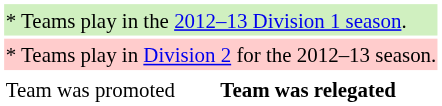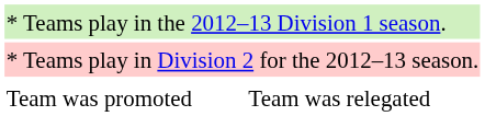 <table>
 <tr style="background: #D0F0C0;">
 <td colspan=2><small> * Teams play in the <a href='#'>2012–13 Division 1 season</a>.</small></td>
 </tr>
 <tr style="background: #FFCCCC;">
 <td colspan=2><small> * Teams play in <a href='#'>Division 2</a> for the 2012–13 season.</small></td>
 </tr>
 <tr>
 <td><small>  Team was promoted</small></td>
-<td><strong><small>  Team was relegated</small></strong></td>
+<td><small>  Team was relegated</small></td>
 </tr>
 </table>
